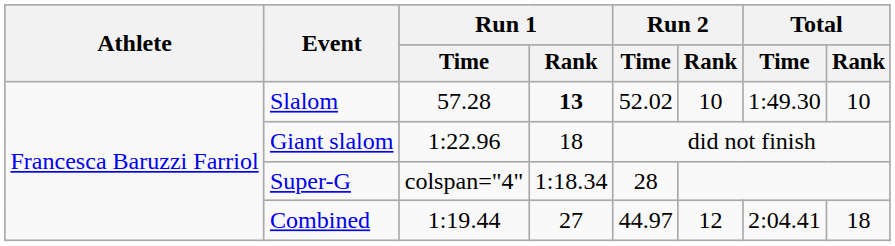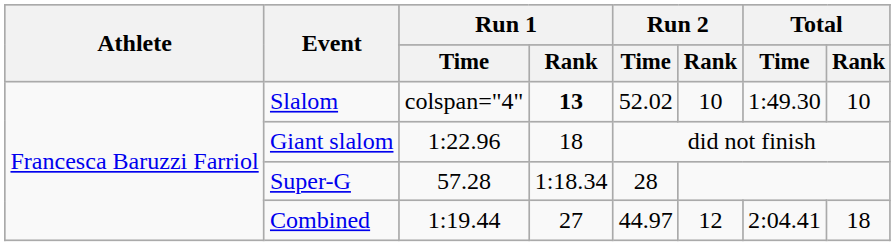 <table class="wikitable" style="font-size:90%">
 <tr>
 <th rowspan=2>Athlete</th>
 <th rowspan=2>Event</th>
 <th colspan=2>Run 1</th>
 <th colspan=2>Run 2</th>
 <th colspan=2>Total</th>
 </tr>
 <tr style="font-size:95%">
 <th>Time</th>
 <th>Rank</th>
 <th>Time</th>
 <th>Rank</th>
 <th>Time</th>
 <th>Rank</th>
 </tr>
 <tr align=center>
 <td align="left" rowspan="4"><a href='#'>Francesca Baruzzi Farriol</a></td>
 <td align="left"><a href='#'>Slalom</a></td>
-<td>57.28</td>
+<td>colspan="4" </td>
 <td><strong>13</strong></td>
 <td>52.02</td>
 <td>10</td>
 <td>1:49.30</td>
 <td>10</td>
 </tr>
 <tr align=center>
 <td align="left"><a href='#'>Giant slalom</a></td>
 <td>1:22.96</td>
 <td>18</td>
 <td colspan=4>did not finish</td>
 </tr>
 <tr align=center>
 <td align="left"><a href='#'>Super-G</a></td>
-<td>colspan="4" </td>
+<td>57.28</td>
 <td>1:18.34</td>
 <td>28</td>
 </tr>
 <tr align=center>
 <td align="left"><a href='#'>Combined</a></td>
 <td>1:19.44</td>
 <td>27</td>
 <td>44.97</td>
 <td>12</td>
 <td>2:04.41</td>
 <td>18</td>
 </tr>
 </table>
